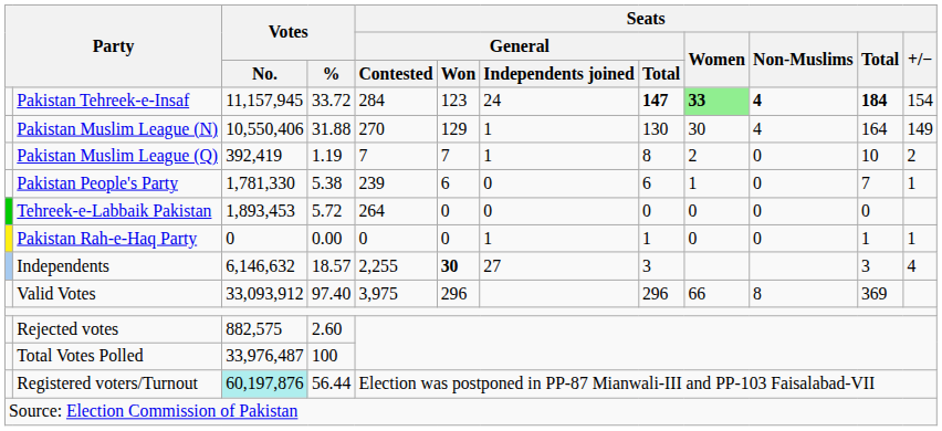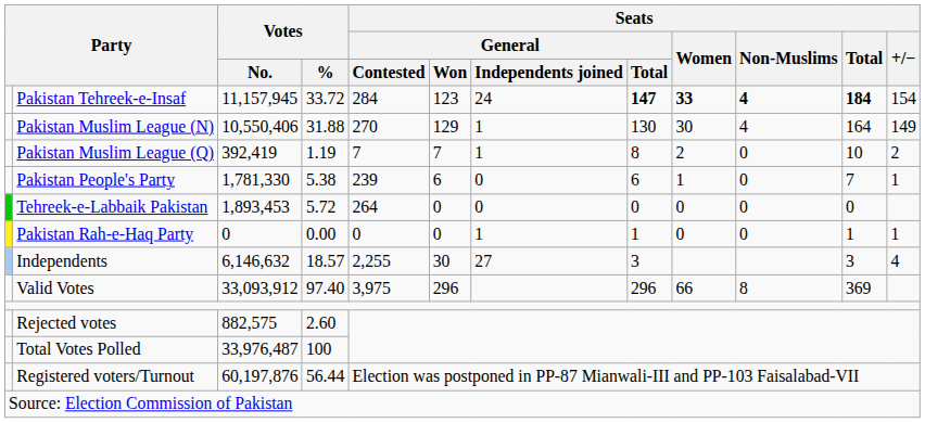 <table class="wikitable">
 <tr>
 <th colspan="2" rowspan="3">Party</th>
 <th colspan="2" rowspan="2">Votes</th>
 <th colspan="8">Seats</th>
 </tr>
 <tr>
 <th colspan="4">General</th>
 <th rowspan="2">Women</th>
 <th rowspan="2">Non-Muslims</th>
 <th rowspan="2">Total</th>
 <th rowspan="2"><strong>+/−</strong></th>
 </tr>
 <tr>
 <th>No.</th>
 <th>%</th>
 <th>Contested</th>
 <th>Won</th>
 <th>Independents joined</th>
 <th>Total</th>
 </tr>
 <tr>
 <td></td>
 <td><a href='#'>Pakistan Tehreek-e-Insaf</a></td>
 <td>11,157,945</td>
 <td>33.72</td>
 <td>284</td>
 <td>123</td>
 <td>24</td>
 <td><strong>147</strong></td>
-<td style="background: lightgreen;"><strong>33</strong></td>
+<td><strong>33</strong></td>
 <td><strong>4</strong></td>
 <td><strong>184</strong></td>
 <td>154</td>
 </tr>
 <tr>
 <td></td>
 <td><a href='#'>Pakistan Muslim League (N)</a></td>
 <td>10,550,406</td>
 <td>31.88</td>
 <td>270</td>
 <td>129</td>
 <td>1</td>
 <td>130</td>
 <td>30</td>
 <td>4</td>
 <td>164</td>
 <td>149</td>
 </tr>
 <tr>
 <td></td>
 <td><a href='#'>Pakistan Muslim League (Q)</a></td>
 <td>392,419</td>
 <td>1.19</td>
 <td>7</td>
 <td>7</td>
 <td>1</td>
 <td>8</td>
 <td>2</td>
 <td>0</td>
 <td>10</td>
 <td>2</td>
 </tr>
 <tr>
 <td></td>
 <td><a href='#'>Pakistan People's Party</a></td>
 <td>1,781,330</td>
 <td>5.38</td>
 <td>239</td>
 <td>6</td>
 <td>0</td>
 <td>6</td>
 <td>1</td>
 <td>0</td>
 <td>7</td>
 <td>1</td>
 </tr>
 <tr>
 <td style="color:inherit;background:#00ca00"></td>
 <td><a href='#'>Tehreek-e-Labbaik Pakistan</a></td>
 <td>1,893,453</td>
 <td>5.72</td>
 <td>264</td>
 <td>0</td>
 <td>0</td>
 <td>0</td>
 <td>0</td>
 <td>0</td>
 <td>0</td>
 <td></td>
 </tr>
 <tr>
 <td style="color:inherit;background:#ffef14"></td>
 <td><a href='#'>Pakistan Rah-e-Haq Party</a></td>
 <td>0</td>
 <td>0.00</td>
 <td>0</td>
 <td>0</td>
 <td>1</td>
 <td>1</td>
 <td>0</td>
 <td>0</td>
 <td>1</td>
 <td>1</td>
 </tr>
 <tr>
 <td style="color:inherit;background:#a6caf0"></td>
 <td>Independents</td>
 <td>6,146,632</td>
 <td>18.57</td>
 <td>2,255</td>
-<td><strong>30</strong></td>
+<td>30</td>
 <td>27</td>
 <td>3</td>
 <td></td>
 <td></td>
 <td>3</td>
 <td>4</td>
 </tr>
 <tr class="sortbottom">
 <td></td>
 <td>Valid Votes</td>
 <td>33,093,912</td>
 <td>97.40</td>
 <td>3,975</td>
 <td>296</td>
 <td></td>
 <td>296</td>
 <td>66</td>
 <td>8</td>
 <td>369</td>
 <td></td>
 </tr>
 <tr>
 <td colspan="12"></td>
 </tr>
 <tr>
 <td></td>
 <td>Rejected votes</td>
 <td>882,575</td>
 <td>2.60</td>
 <td colspan="8" rowspan="2"></td>
 </tr>
 <tr>
 <td></td>
 <td>Total Votes Polled</td>
 <td>33,976,487</td>
 <td>100</td>
 </tr>
 <tr>
 <td></td>
 <td>Registered voters/Turnout</td>
-<td style="background: paleturquoise;">60,197,876</td>
+<td>60,197,876</td>
 <td>56.44</td>
 <td colspan="8">Election was postponed in PP-87 Mianwali-III and PP-103 Faisalabad-VII</td>
 </tr>
 <tr class="sortbottom">
 <td colspan="12">Source: <a href='#'>Election Commission of Pakistan</a></td>
 </tr>
 </table>
